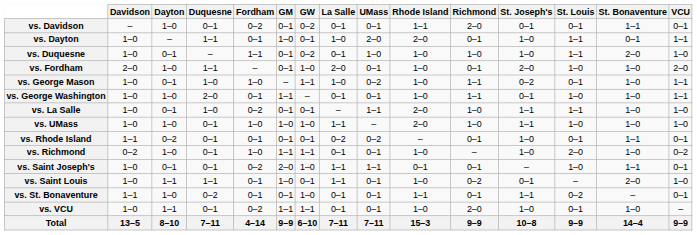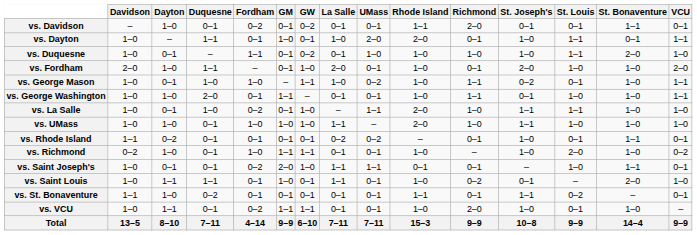 <table class="wikitable" style="white-space:nowrap;font-size:90%;">
 <tr>
 <th colspan=1 style="background:white; border-top-style:hidden; border-left-style:hidden;"   width=75> </th>
 <th style=>Davidson</th>
 <th style="background:#">Dayton</th>
 <th style=>Duquesne</th>
 <th style=>Fordham</th>
 <th style=>GM</th>
 <th style=>GW</th>
 <th style=>La Salle</th>
 <th style=>UMass</th>
 <th style=>Rhode Island</th>
 <th style=>Richmond</th>
 <th style=>St. Joseph's</th>
 <th style=>St. Louis</th>
 <th style=>St. Bonaventure</th>
 <th style=>VCU</th>
 </tr>
 <tr style="text-align:center;">
 <th>vs. Davidson</th>
 <td>–</td>
 <td>1–0</td>
 <td>0–1</td>
 <td>0–2</td>
 <td>0–1</td>
 <td>0–2</td>
 <td>0–1</td>
 <td>0–1</td>
 <td>1–1</td>
 <td>2–0</td>
 <td>0–1</td>
 <td>0–1</td>
 <td>1–1</td>
 <td>0–1</td>
 </tr>
 <tr style="text-align:center;">
 <th>vs. Dayton</th>
 <td>1–0</td>
 <td>–</td>
 <td>1–1</td>
 <td>0–1</td>
 <td>1–0</td>
 <td>0–1</td>
 <td>1–0</td>
 <td>2–0</td>
 <td>2–0</td>
 <td>0–1</td>
 <td>1–0</td>
 <td>1–1</td>
 <td>0–1</td>
 <td>1–1</td>
 </tr>
 <tr style="text-align:center;">
 <th>vs. Duquesne</th>
 <td>1–0</td>
 <td>0–1</td>
 <td>–</td>
 <td>1–1</td>
 <td>0–1</td>
 <td>0–2</td>
 <td>0–1</td>
 <td>1–0</td>
 <td>1–0</td>
 <td>1–0</td>
 <td>1–0</td>
 <td>1–1</td>
 <td>2–0</td>
 <td>1–0</td>
 </tr>
 <tr style="text-align:center;">
 <th>vs. Fordham</th>
 <td>2–0</td>
 <td>1–0</td>
 <td>1–1</td>
 <td>–</td>
 <td>0–1</td>
 <td>1–0</td>
 <td>2–0</td>
 <td>0–1</td>
 <td>1–0</td>
 <td>0–1</td>
 <td>2–0</td>
 <td>1–0</td>
 <td>1–0</td>
 <td>2–0</td>
 </tr>
 <tr style="text-align:center;">
 <th>vs. George Mason</th>
 <td>1–0</td>
 <td>0–1</td>
 <td>1–0</td>
 <td>1–0</td>
 <td>–</td>
 <td>1–1</td>
 <td>1–0</td>
 <td>0–2</td>
 <td>1–0</td>
 <td>1–1</td>
 <td>0–2</td>
 <td>0–1</td>
 <td>1–0</td>
 <td>1–1</td>
 </tr>
 <tr style="text-align:center;">
 <th>vs. George Washington</th>
 <td>1–0</td>
 <td>1–0</td>
 <td>2–0</td>
 <td>0–1</td>
 <td>1–1</td>
 <td>–</td>
 <td>0–1</td>
 <td>0–1</td>
 <td>1–0</td>
 <td>1–1</td>
 <td>0–1</td>
 <td>1–0</td>
 <td>1–0</td>
 <td>1–1</td>
 </tr>
 <tr style="text-align:center;">
 <th>vs. La Salle</th>
 <td>1–0</td>
 <td>0–1</td>
 <td>1–0</td>
 <td>0–2</td>
 <td>0–1</td>
-<td>0–1</td>
+<td>1–0</td>
 <td>–</td>
 <td>1–1</td>
 <td>2–0</td>
 <td>1–0</td>
 <td>1–1</td>
 <td>1–1</td>
 <td>1–0</td>
 <td>1–0</td>
 </tr>
 <tr style="text-align:center;">
 <th>vs. UMass</th>
 <td>1–0</td>
 <td>1–0</td>
 <td>0–1</td>
 <td>1–0</td>
 <td>1–0</td>
 <td>1–0</td>
 <td>1–1</td>
 <td>–</td>
 <td>2–0</td>
 <td>1–0</td>
 <td>1–1</td>
 <td>1–0</td>
 <td>1–0</td>
 <td>1–0</td>
 </tr>
 <tr style="text-align:center;">
 <th>vs. Rhode Island</th>
 <td>1–1</td>
 <td>0–2</td>
 <td>0–1</td>
 <td>0–1</td>
 <td>0–1</td>
 <td>0–1</td>
 <td>0–2</td>
 <td>0–2</td>
 <td>–</td>
 <td>0–1</td>
 <td>1–0</td>
 <td>0–1</td>
 <td>1–1</td>
 <td>0–1</td>
 </tr>
 <tr style="text-align:center;">
 <th>vs. Richmond</th>
 <td>0–2</td>
 <td>1–0</td>
 <td>0–1</td>
 <td>1–0</td>
 <td>1–1</td>
 <td>1–1</td>
 <td>0–1</td>
 <td>0–1</td>
 <td>1–0</td>
 <td>–</td>
 <td>1–0</td>
 <td>2–0</td>
 <td>1–0</td>
 <td>0–2</td>
 </tr>
 <tr style="text-align:center;">
 <th>vs. Saint Joseph's</th>
 <td>1–0</td>
 <td>0–1</td>
 <td>0–1</td>
 <td>0–2</td>
 <td>2–0</td>
 <td>1–0</td>
 <td>1–1</td>
 <td>1–1</td>
 <td>0–1</td>
 <td>0–1</td>
 <td>–</td>
 <td>1–0</td>
 <td>1–1</td>
 <td>0–1</td>
 </tr>
 <tr style="text-align:center;">
 <th>vs. Saint Louis</th>
 <td>1–0</td>
 <td>1–1</td>
 <td>1–1</td>
 <td>0–1</td>
 <td>1–0</td>
 <td>0–1</td>
 <td>1–1</td>
 <td>0–1</td>
 <td>1–0</td>
 <td>0–2</td>
 <td>0–1</td>
 <td>–</td>
 <td>2–0</td>
 <td>1–0</td>
 </tr>
 <tr style="text-align:center;">
 <th>vs. St. Bonaventure</th>
 <td>1–1</td>
 <td>1–0</td>
 <td>0–2</td>
 <td>0–1</td>
 <td>0–1</td>
-<td>1–0</td>
+<td>0–1</td>
 <td>0–1</td>
 <td>0–1</td>
 <td>1–1</td>
 <td>0–1</td>
 <td>1–1</td>
 <td>0–2</td>
 <td>–</td>
 <td>0–1</td>
 </tr>
 <tr style="text-align:center;">
 <th>vs. VCU</th>
 <td>1–0</td>
 <td>1–1</td>
 <td>0–1</td>
 <td>0–2</td>
 <td>1–1</td>
 <td>1–1</td>
 <td>0–1</td>
 <td>0–1</td>
 <td>1–0</td>
 <td>2–0</td>
 <td>1–0</td>
 <td>0–1</td>
 <td>1–0</td>
 <td>–<br></td>
 </tr>
 <tr style="text-align:center;">
 <th>Total</th>
 <th>13–5</th>
 <th>8–10</th>
 <th>7–11</th>
 <th>4–14</th>
 <th>9–9</th>
 <th>6–10</th>
 <th>7–11</th>
 <th>7–11</th>
 <th>15–3</th>
 <th>9–9</th>
 <th>10–8</th>
 <th>9–9</th>
 <th>14–4</th>
 <th>9–9</th>
 </tr>
 </table>
